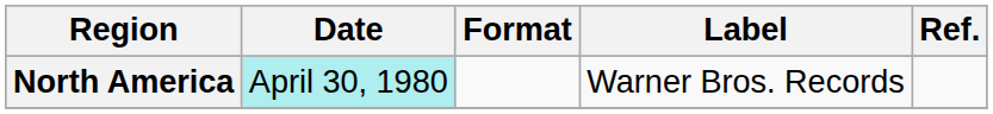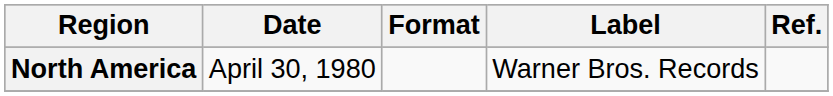 <table class="wikitable plainrowheaders">
 <tr>
 <th scope="col">Region</th>
 <th scope="col">Date</th>
 <th scope="col">Format</th>
 <th scope="col">Label</th>
 <th scope="col">Ref.</th>
 </tr>
 <tr>
 <th scope="row">North America</th>
-<td style="background: paleturquoise;">April 30, 1980</td>
+<td>April 30, 1980</td>
 <td></td>
 <td>Warner Bros. Records</td>
 <td></td>
 </tr>
 <tr>
 </tr>
 </table>
